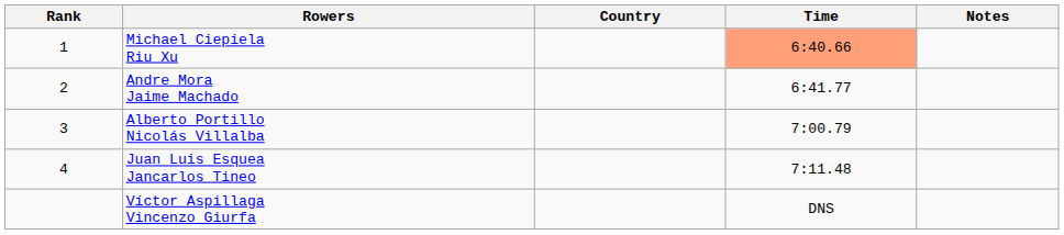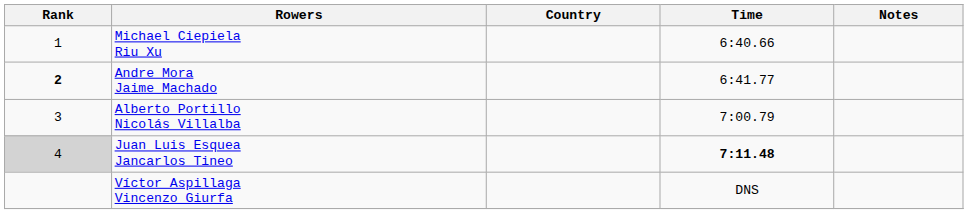 <table class="wikitable" width=60% style="text-align:center">
 <tr>
 <th>Rank</th>
 <th>Rowers</th>
 <th>Country</th>
 <th>Time</th>
 <th>Notes</th>
 </tr>
 <tr>
 <td>1</td>
 <td align=left><a href='#'>Michael Ciepiela</a><br><a href='#'>Riu Xu</a></td>
 <td align=left></td>
-<td style="background: lightsalmon;">6:40.66</td>
+<td>6:40.66</td>
 <td></td>
 </tr>
 <tr>
-<td>2</td>
+<td><strong>2</strong></td>
 <td align=left><a href='#'>Andre Mora</a><br><a href='#'>Jaime Machado</a></td>
 <td align=left></td>
 <td>6:41.77</td>
 <td></td>
 </tr>
 <tr>
 <td>3</td>
 <td align=left><a href='#'>Alberto Portillo</a><br><a href='#'>Nicolás Villalba</a></td>
 <td align=left></td>
 <td>7:00.79</td>
 <td></td>
 </tr>
 <tr>
-<td>4</td>
+<td style="background: lightgrey;">4</td>
 <td align=left><a href='#'>Juan Luis Esquea</a><br><a href='#'>Jancarlos Tineo</a></td>
 <td align=left></td>
-<td>7:11.48</td>
+<td><strong>7:11.48</strong></td>
 <td></td>
 </tr>
 <tr>
 <td></td>
 <td align=left><a href='#'>Víctor Aspillaga</a><br><a href='#'>Vincenzo Giurfa</a></td>
 <td align=left></td>
 <td>DNS</td>
 <td></td>
 </tr>
 <tr>
 </tr>
 </table>
